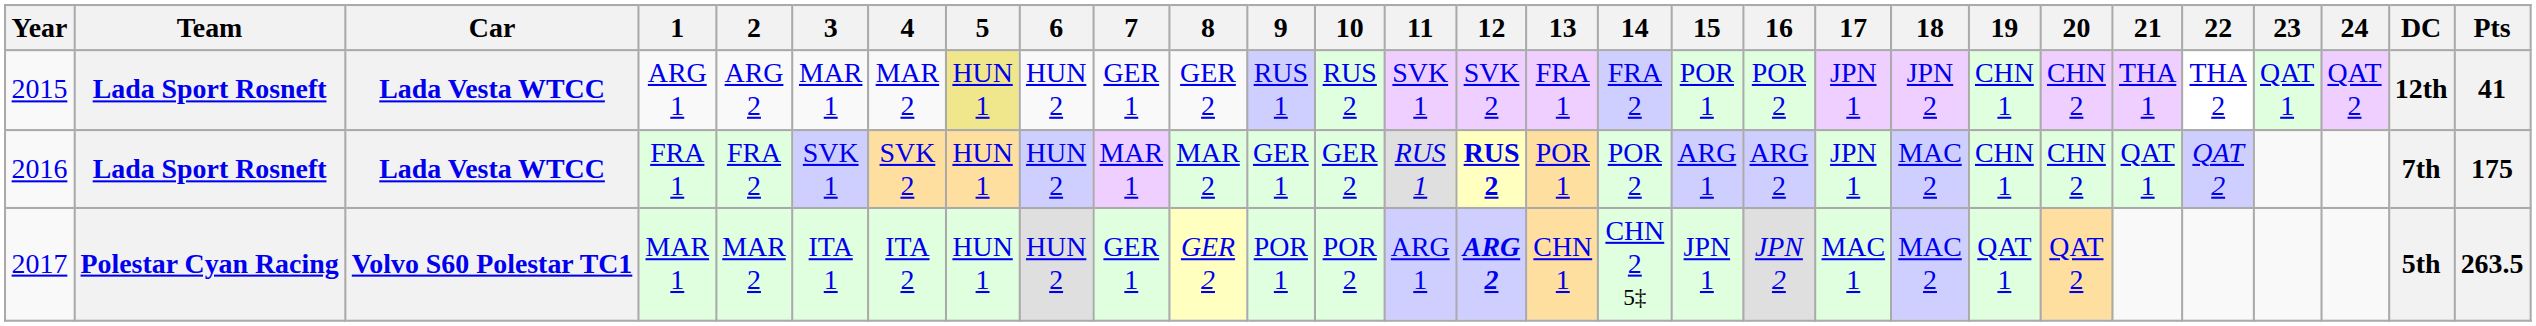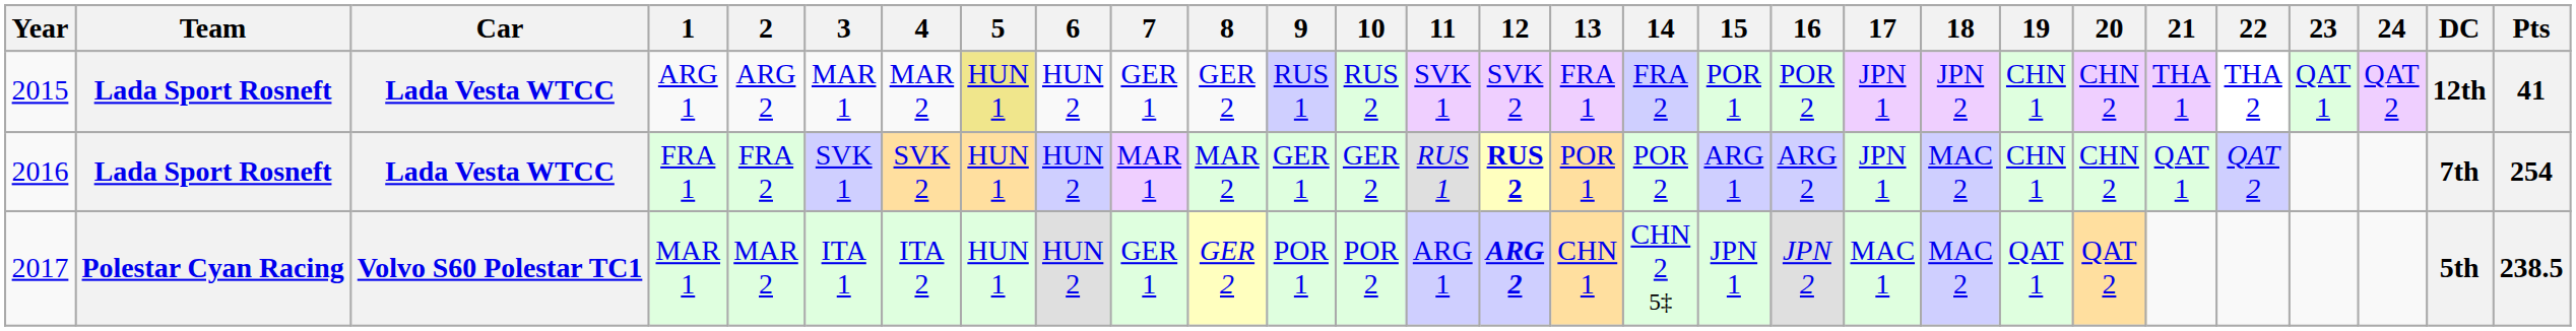 <table class="wikitable" style="text-align:center; font-size:85%">
 <tr>
 <th>Year</th>
 <th>Team</th>
 <th>Car</th>
 <th>1</th>
 <th>2</th>
 <th>3</th>
 <th>4</th>
 <th>5</th>
 <th>6</th>
 <th>7</th>
 <th>8</th>
 <th>9</th>
 <th>10</th>
 <th>11</th>
 <th>12</th>
 <th>13</th>
 <th>14</th>
 <th>15</th>
 <th>16</th>
 <th>17</th>
 <th>18</th>
 <th>19</th>
 <th>20</th>
 <th>21</th>
 <th>22</th>
 <th>23</th>
 <th>24</th>
 <th>DC</th>
 <th>Pts</th>
 </tr>
 <tr>
 <td><a href='#'>2015</a></td>
 <th><a href='#'>Lada Sport Rosneft</a></th>
 <th><a href='#'>Lada Vesta WTCC</a></th>
 <td><a href='#'>ARG<br>1</a></td>
 <td><a href='#'>ARG<br>2</a></td>
 <td><a href='#'>MAR<br>1</a></td>
 <td><a href='#'>MAR<br>2</a></td>
 <td style="background: khaki;"><a href='#'>HUN<br>1</a></td>
 <td><a href='#'>HUN<br>2</a></td>
 <td><a href='#'>GER<br>1</a></td>
 <td><a href='#'>GER<br>2</a></td>
 <td style="background:#CFCFFF;"><a href='#'>RUS<br>1</a><br></td>
 <td style="background:#DFFFDF;"><a href='#'>RUS<br>2</a><br></td>
 <td style="background:#EFCFFF;"><a href='#'>SVK<br>1</a><br></td>
 <td style="background:#EFCFFF;"><a href='#'>SVK<br>2</a><br></td>
 <td style="background:#EFCFFF;"><a href='#'>FRA<br>1</a><br></td>
 <td style="background:#CFCFFF;"><a href='#'>FRA<br>2</a><br></td>
 <td style="background:#DFFFDF;"><a href='#'>POR<br>1</a><br></td>
 <td style="background:#DFFFDF;"><a href='#'>POR<br>2</a><br></td>
 <td style="background:#EFCFFF;"><a href='#'>JPN<br>1</a><br></td>
 <td style="background:#EFCFFF;"><a href='#'>JPN<br>2</a><br></td>
 <td style="background:#DFFFDF;"><a href='#'>CHN<br>1</a><br></td>
 <td style="background:#EFCFFF;"><a href='#'>CHN<br>2</a><br></td>
 <td style="background:#EFCFFF;"><a href='#'>THA<br>1</a><br></td>
 <td style="background:#FFFFFF;"><a href='#'>THA<br>2</a><br></td>
 <td style="background:#DFFFDF;"><a href='#'>QAT<br>1</a><br></td>
 <td style="background:#EFCFFF;"><a href='#'>QAT<br>2</a><br></td>
 <th>12th</th>
 <th>41</th>
 </tr>
 <tr>
 <td><a href='#'>2016</a></td>
 <th><a href='#'>Lada Sport Rosneft</a></th>
 <th><a href='#'>Lada Vesta WTCC</a></th>
 <td style="background:#DFFFDF;"><a href='#'>FRA<br>1</a><br></td>
 <td style="background:#DFFFDF;"><a href='#'>FRA<br>2</a><br></td>
 <td style="background:#CFCFFF;"><a href='#'>SVK<br>1</a><br></td>
 <td style="background:#FFDF9F;"><a href='#'>SVK<br>2</a><br></td>
 <td style="background:#FFDF9F;"><a href='#'>HUN<br>1</a><br></td>
 <td style="background:#CFCFFF;"><a href='#'>HUN<br>2</a><br></td>
 <td style="background:#EFCFFF;"><a href='#'>MAR<br>1</a><br></td>
 <td style="background:#DFFFDF;"><a href='#'>MAR<br>2</a><br></td>
 <td style="background:#DFFFDF;"><a href='#'>GER<br>1</a><br></td>
 <td style="background:#DFFFDF;"><a href='#'>GER<br>2</a><br></td>
 <td style="background:#DFDFDF;"><em><a href='#'>RUS<br>1</a></em><br></td>
 <td style="background:#FFFFBF;"><strong><a href='#'>RUS<br>2</a></strong><br></td>
 <td style="background:#FFDF9F;"><a href='#'>POR<br>1</a><br></td>
 <td style="background:#DFFFDF;"><a href='#'>POR<br>2</a><br></td>
 <td style="background:#CFCFFF;"><a href='#'>ARG<br>1</a><br></td>
 <td style="background:#CFCFFF;"><a href='#'>ARG<br>2</a><br></td>
 <td style="background:#DFFFDF;"><a href='#'>JPN<br>1</a><br></td>
 <td style="background:#CFCFFF;"><a href='#'>MAC<br>2</a><br></td>
 <td style="background:#DFFFDF;"><a href='#'>CHN<br>1</a><br></td>
 <td style="background:#DFFFDF;"><a href='#'>CHN<br>2</a><br></td>
 <td style="background:#DFFFDF;"><a href='#'>QAT<br>1</a><br></td>
 <td style="background:#CFCFFF;"><em><a href='#'>QAT<br>2</a></em><br></td>
 <td></td>
 <td></td>
 <th>7th</th>
-<th>175</th>
+<th>254</th>
 </tr>
 <tr>
 <td><a href='#'>2017</a></td>
 <th><a href='#'>Polestar Cyan Racing</a></th>
 <th><a href='#'>Volvo S60 Polestar TC1</a></th>
 <td style="background:#DFFFDF;"><a href='#'>MAR<br>1</a><br></td>
 <td style="background:#DFFFDF;"><a href='#'>MAR<br>2</a><br></td>
 <td style="background:#DFFFDF;"><a href='#'>ITA<br>1</a><br></td>
 <td style="background:#DFFFDF;"><a href='#'>ITA<br>2</a><br></td>
 <td style="background:#DFFFDF;"><a href='#'>HUN<br>1</a><br></td>
 <td style="background:#DFDFDF;"><a href='#'>HUN<br>2</a><br></td>
 <td style="background:#DFFFDF;"><a href='#'>GER<br>1</a><br></td>
 <td style="background:#FFFFBF;"><em><a href='#'>GER<br>2</a></em><br></td>
 <td style="background:#DFFFDF;"><a href='#'>POR<br>1</a><br></td>
 <td style="background:#DFFFDF;"><a href='#'>POR<br>2</a><br></td>
 <td style="background:#CFCFFF;"><a href='#'>ARG<br>1</a><br></td>
 <td style="background:#CFCFFF;"><strong><em><a href='#'>ARG<br>2</a></em></strong><br></td>
 <td style="background:#FFDF9F;"><a href='#'>CHN<br>1</a><br></td>
 <td style="background:#DFFFDF;"><a href='#'>CHN<br>2</a><br><small>5‡</small></td>
 <td style="background:#DFFFDF;"><a href='#'>JPN<br>1</a><br></td>
 <td style="background:#DFDFDF;"><em><a href='#'>JPN<br>2</a></em><br></td>
 <td style="background:#DFFFDF;"><a href='#'>MAC<br>1</a><br></td>
 <td style="background:#CFCFFF;"><a href='#'>MAC<br>2</a><br></td>
 <td style="background:#DFFFDF;"><a href='#'>QAT<br>1</a><br></td>
 <td style="background:#FFDF9F;"><a href='#'>QAT<br>2</a><br></td>
 <td></td>
 <td></td>
 <td></td>
 <td></td>
 <th>5th</th>
-<th>263.5</th>
+<th>238.5</th>
 </tr>
 </table>
